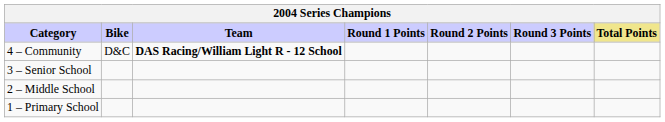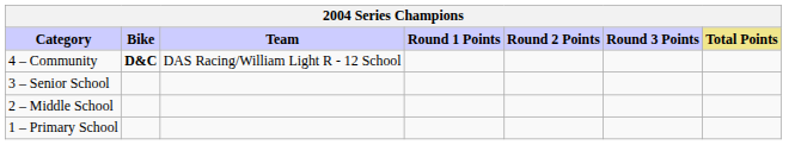 <table class="wikitable collapsible collapsed">
 <tr>
 <th colspan="7" width="500">2004 Series Champions</th>
 </tr>
 <tr>
 <th style="background:#ccf">Category</th>
 <th style="background:#ccf">Bike</th>
 <th style="background:#ccf">Team</th>
 <th style="background:#ccf">Round 1 Points</th>
 <th style="background:#ccf">Round 2 Points</th>
 <th style="background:#ccf">Round 3 Points</th>
 <th style="background:#f0e68c">Total Points</th>
 </tr>
 <tr>
 <td>4 – Community</td>
-<td>D&C</td>
-<td><strong> DAS Racing/William Light R - 12 School</strong></td>
+<td><strong>D&C</strong></td>
+<td> DAS Racing/William Light R - 12 School</td>
 <td></td>
 <td></td>
 <td></td>
 <td></td>
 </tr>
 <tr>
 <td>3 – Senior School</td>
 <td></td>
 <td></td>
 <td></td>
 <td></td>
 <td></td>
 <td></td>
 </tr>
 <tr>
 <td>2 – Middle School</td>
 <td></td>
 <td></td>
 <td></td>
 <td></td>
 <td></td>
 <td></td>
 </tr>
 <tr>
 <td>1 – Primary School</td>
 <td></td>
 <td></td>
 <td></td>
 <td></td>
 <td></td>
 <td></td>
 </tr>
 </table>
